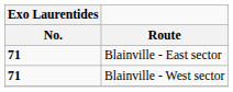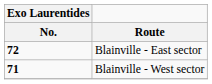 <table align=center class="wikitable">
 <tr>
 <th style="background: #">Exo Laurentides</th>
 </tr>
 <tr>
 <th>No.</th>
 <th>Route</th>
 </tr>
 <tr>
-<td {{border> <strong>71</strong></td>
+<td {{border> <strong>72</strong></td>
 <td>Blainville - East sector</td>
 </tr>
 <tr>
 <td {{border> <strong>71</strong></td>
 <td>Blainville - West sector</td>
 </tr>
 <tr>
 </tr>
 </table>
